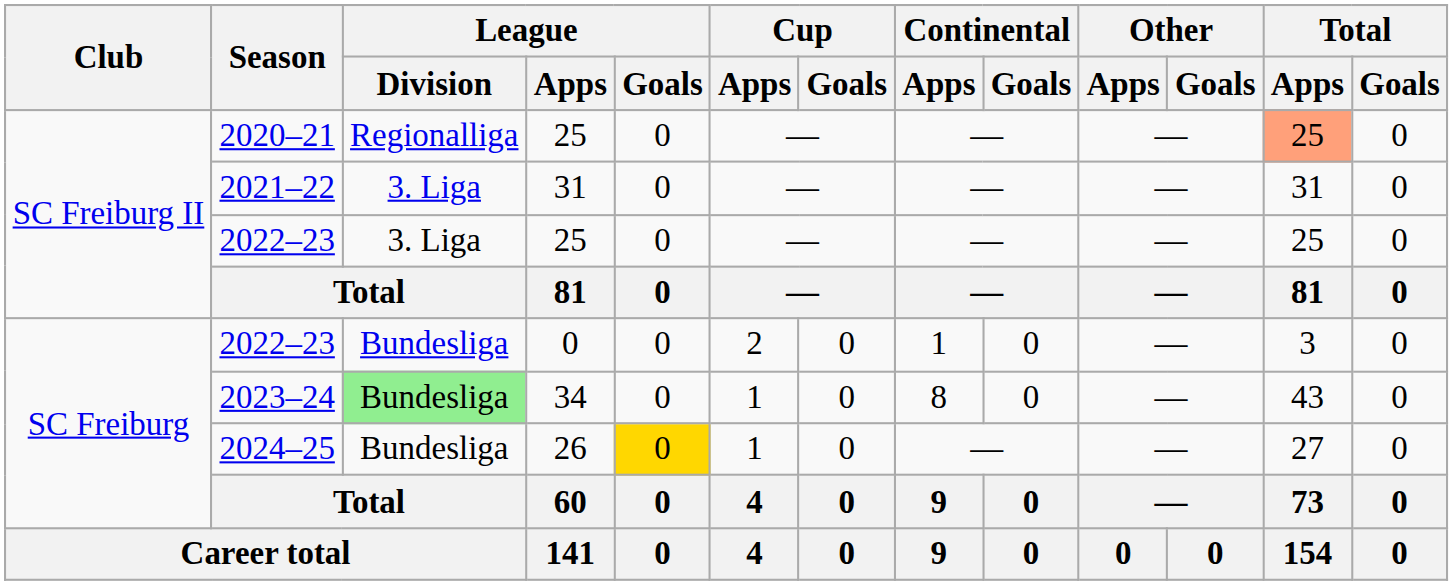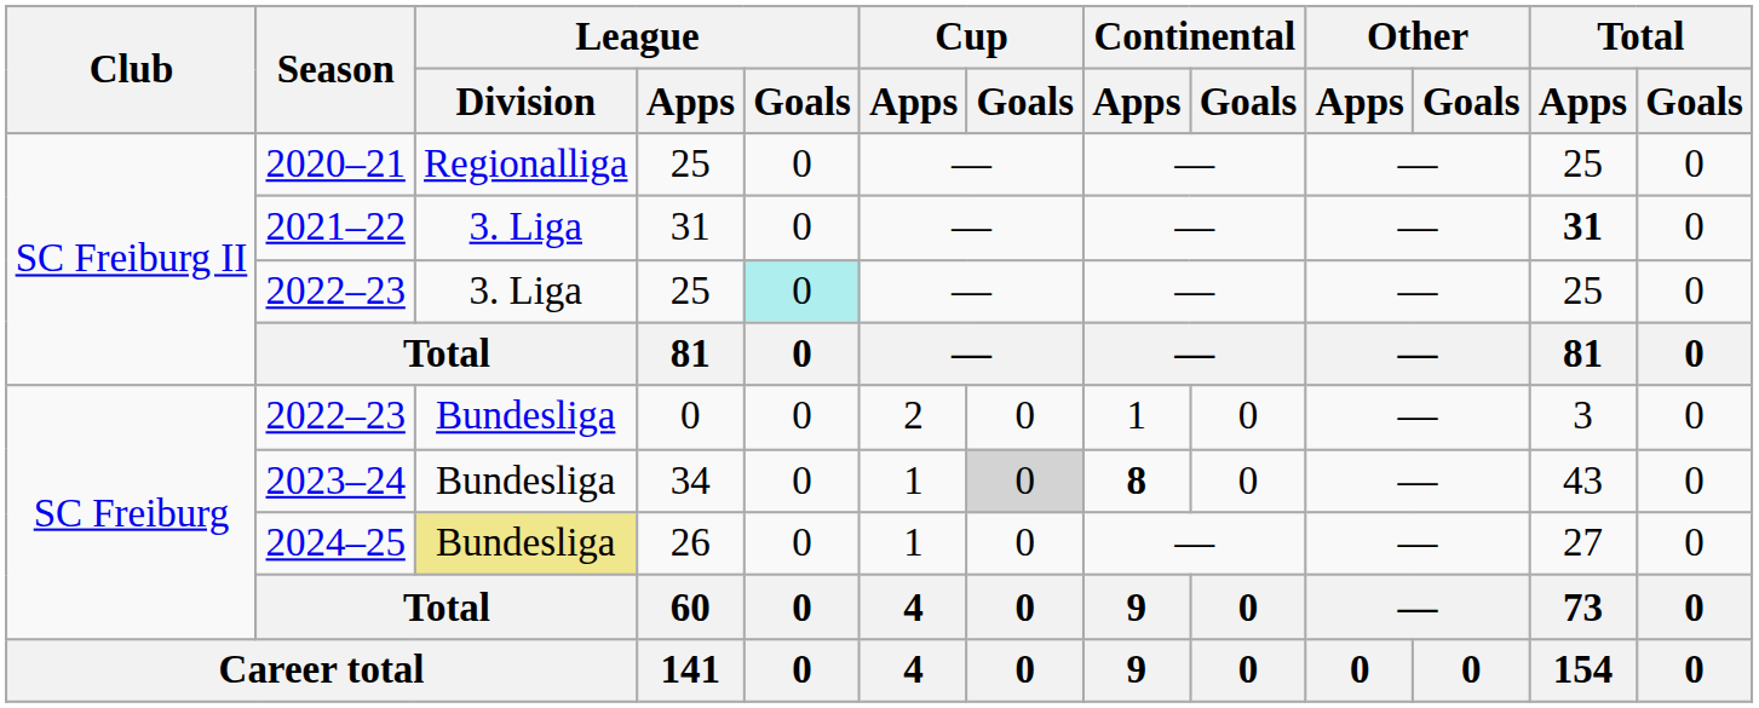 <table class="wikitable" style="text-align:center">
 <tr>
 <th rowspan="2">Club</th>
 <th rowspan="2">Season</th>
 <th colspan="3">League</th>
 <th colspan="2">Cup</th>
 <th colspan="2">Continental</th>
 <th colspan="2">Other</th>
 <th colspan="2">Total</th>
 </tr>
 <tr>
 <th>Division</th>
 <th>Apps</th>
 <th>Goals</th>
 <th>Apps</th>
 <th>Goals</th>
 <th>Apps</th>
 <th>Goals</th>
 <th>Apps</th>
 <th>Goals</th>
 <th>Apps</th>
 <th>Goals</th>
 </tr>
 <tr>
 <td rowspan="4"><a href='#'>SC Freiburg II</a></td>
 <td><a href='#'>2020–21</a></td>
 <td><a href='#'>Regionalliga</a></td>
 <td>25</td>
 <td>0</td>
 <td colspan="2">—</td>
 <td colspan="2">—</td>
 <td colspan="2">—</td>
-<td style="background: lightsalmon;">25</td>
+<td>25</td>
 <td>0</td>
 </tr>
 <tr>
 <td><a href='#'>2021–22</a></td>
 <td><a href='#'>3. Liga</a></td>
 <td>31</td>
 <td>0</td>
 <td colspan="2">—</td>
 <td colspan="2">—</td>
 <td colspan="2">—</td>
-<td>31</td>
+<td><strong>31</strong></td>
 <td>0</td>
 </tr>
 <tr>
 <td><a href='#'>2022–23</a></td>
 <td>3. Liga</td>
 <td>25</td>
-<td>0</td>
+<td style="background: paleturquoise;">0</td>
 <td colspan="2">—</td>
 <td colspan="2">—</td>
 <td colspan="2">—</td>
 <td>25</td>
 <td>0</td>
 </tr>
 <tr>
 <th colspan="2">Total</th>
 <th>81</th>
 <th>0</th>
 <th colspan="2">—</th>
 <th colspan="2">—</th>
 <th colspan="2">—</th>
 <th>81</th>
 <th>0</th>
 </tr>
 <tr>
 <td rowspan="4"><a href='#'>SC Freiburg</a></td>
 <td><a href='#'>2022–23</a></td>
 <td><a href='#'>Bundesliga</a></td>
 <td>0</td>
 <td>0</td>
 <td>2</td>
 <td>0</td>
 <td>1</td>
 <td>0</td>
 <td colspan="2">—</td>
 <td>3</td>
 <td>0</td>
 </tr>
 <tr>
 <td><a href='#'>2023–24</a></td>
-<td style="background: lightgreen;">Bundesliga</td>
+<td>Bundesliga</td>
 <td>34</td>
 <td>0</td>
 <td>1</td>
-<td>0</td>
-<td>8</td>
+<td style="background: lightgrey;">0</td>
+<td><strong>8</strong></td>
 <td>0</td>
 <td colspan="2">—</td>
 <td>43</td>
 <td>0</td>
 </tr>
 <tr>
 <td><a href='#'>2024–25</a></td>
-<td>Bundesliga</td>
+<td style="background: khaki;">Bundesliga</td>
 <td>26</td>
-<td style="background: gold;">0</td>
+<td>0</td>
 <td>1</td>
 <td>0</td>
 <td colspan="2">—</td>
 <td colspan="2">—</td>
 <td>27</td>
 <td>0</td>
 </tr>
 <tr>
 <th colspan="2">Total</th>
 <th>60</th>
 <th>0</th>
 <th>4</th>
 <th>0</th>
 <th>9</th>
 <th>0</th>
 <th colspan="2">—</th>
 <th>73</th>
 <th>0</th>
 </tr>
 <tr>
 <th colspan="3">Career total</th>
 <th>141</th>
 <th>0</th>
 <th>4</th>
 <th>0</th>
 <th>9</th>
 <th>0</th>
 <th>0</th>
 <th>0</th>
 <th>154</th>
 <th>0</th>
 </tr>
 </table>
